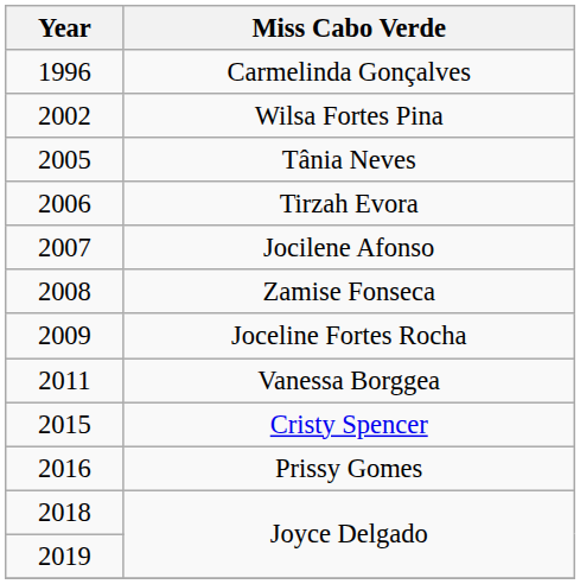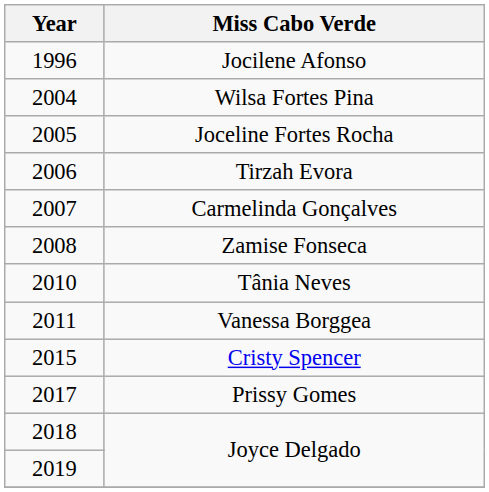 <table class="wikitable sortable" style="font-size: 95%; text-align:center">
 <tr>
 <th width="60">Year</th>
 <th width="250">Miss Cabo Verde</th>
 </tr>
 <tr>
 <td>1996</td>
-<td>Carmelinda Gonçalves</td>
+<td>Jocilene Afonso</td>
 </tr>
 <tr>
-<td>2002</td>
+<td>2004</td>
 <td>Wilsa Fortes Pina</td>
 </tr>
 <tr>
 <td>2005</td>
-<td>Tânia Neves</td>
+<td>Joceline Fortes Rocha</td>
 </tr>
 <tr>
 <td>2006</td>
 <td>Tirzah Evora</td>
 </tr>
 <tr>
 <td>2007</td>
-<td>Jocilene Afonso</td>
+<td>Carmelinda Gonçalves</td>
 </tr>
 <tr>
 <td>2008</td>
 <td>Zamise Fonseca</td>
 </tr>
 <tr>
-<td>2009</td>
-<td>Joceline Fortes Rocha</td>
+<td>2010</td>
+<td>Tânia Neves</td>
 </tr>
 <tr>
 <td>2011</td>
 <td>Vanessa Borggea</td>
 </tr>
 <tr>
 <td>2015</td>
 <td><a href='#'>Cristy Spencer</a></td>
 </tr>
 <tr>
-<td>2016</td>
+<td>2017</td>
 <td>Prissy Gomes</td>
 </tr>
 <tr>
 <td>2018</td>
 <td rowspan=2>Joyce Delgado</td>
 </tr>
 <tr>
 <td>2019</td>
 </tr>
 <tr>
 </tr>
 </table>
